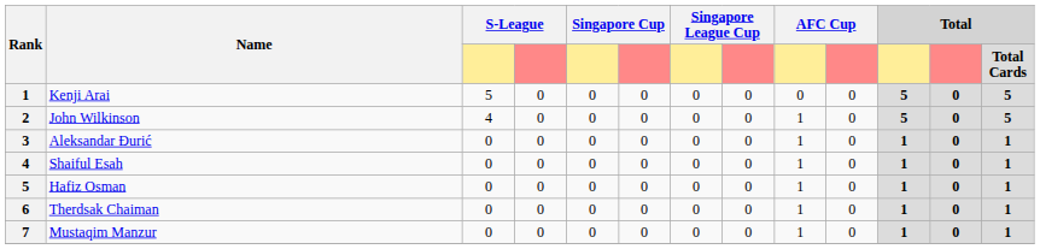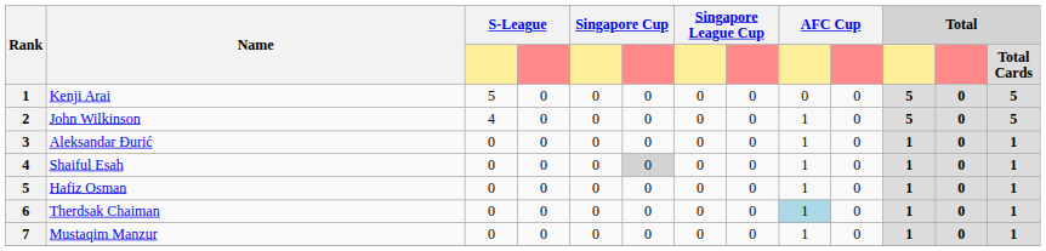 <table class="wikitable" style="text-align: center;" width=90%>
 <tr>
 <th width=3% rowspan="2">Rank</th>
 <th rowspan="2">Name</th>
 <th colspan="2" width="100px"><a href='#'>S-League</a></th>
 <th colspan="2" width="100px"><a href='#'>Singapore Cup</a></th>
 <th colspan="2" width="100px"><a href='#'>Singapore League Cup</a></th>
 <th colspan="2" width="100px"><a href='#'>AFC Cup</a></th>
 <th colspan="3" style="background: #D3D3D3">Total</th>
 </tr>
 <tr>
 <th width="50px" style="background: #FFEE99"></th>
 <th width="50px" style="background: #FF8888"></th>
 <th width="50px" style="background: #FFEE99"></th>
 <th width="50px" style="background: #FF8888"></th>
 <th width="50px" style="background: #FFEE99"></th>
 <th width="50px" style="background: #FF8888"></th>
 <th width="50px" style="background: #FFEE99"></th>
 <th width="50px" style="background: #FF8888"></th>
 <th width="50px" style="background: #FFEE99"></th>
 <th width="50px" style="background: #FF8888"></th>
 <th width="50px" style="background: #DCDCDC">Total Cards</th>
 </tr>
 <tr>
 <th>1</th>
 <td style="text-align:left;"> <a href='#'>Kenji Arai</a></td>
 <td>5 </td>
 <td>0</td>
 <td>0 </td>
 <td>0</td>
 <td>0 </td>
 <td>0</td>
 <td>0 </td>
 <td>0</td>
 <th style="background: #DCDCDC">5 </th>
 <th style="background: #DCDCDC">0 </th>
 <th style="background: #DCDCDC">5 </th>
 </tr>
 <tr>
 <th>2</th>
 <td style="text-align:left;"> <a href='#'>John Wilkinson</a></td>
 <td>4 </td>
 <td>0</td>
 <td>0 </td>
 <td>0</td>
 <td>0 </td>
 <td>0</td>
 <td>1 </td>
 <td>0</td>
 <th style="background: #DCDCDC">5 </th>
 <th style="background: #DCDCDC">0 </th>
 <th style="background: #DCDCDC">5 </th>
 </tr>
 <tr>
 <th>3</th>
 <td style="text-align:left;"> <a href='#'>Aleksandar Đurić</a></td>
 <td>0 </td>
 <td>0</td>
 <td>0 </td>
 <td>0</td>
 <td>0 </td>
 <td>0</td>
 <td>1 </td>
 <td>0</td>
 <th style="background: #DCDCDC">1 </th>
 <th style="background: #DCDCDC">0 </th>
 <th style="background: #DCDCDC">1 </th>
 </tr>
 <tr>
 <th>4</th>
 <td style="text-align:left;"> <a href='#'>Shaiful Esah</a></td>
 <td>0 </td>
 <td>0</td>
 <td>0 </td>
-<td>0</td>
+<td style="background: lightgrey;">0</td>
 <td>0 </td>
 <td>0</td>
 <td>1 </td>
 <td>0</td>
 <th style="background: #DCDCDC">1 </th>
 <th style="background: #DCDCDC">0 </th>
 <th style="background: #DCDCDC">1 </th>
 </tr>
 <tr>
 <th>5</th>
 <td style="text-align:left;"> <a href='#'>Hafiz Osman</a></td>
 <td>0 </td>
 <td>0</td>
 <td>0 </td>
 <td>0</td>
 <td>0 </td>
 <td>0</td>
 <td>1 </td>
 <td>0</td>
 <th style="background: #DCDCDC">1 </th>
 <th style="background: #DCDCDC">0 </th>
 <th style="background: #DCDCDC">1 </th>
 </tr>
 <tr>
 <th>6</th>
 <td style="text-align:left;"> <a href='#'>Therdsak Chaiman</a></td>
 <td>0 </td>
 <td>0</td>
 <td>0 </td>
 <td>0</td>
 <td>0 </td>
 <td>0</td>
-<td>1 </td>
+<td style="background: lightblue;">1 </td>
 <td>0</td>
 <th style="background: #DCDCDC">1 </th>
 <th style="background: #DCDCDC">0 </th>
 <th style="background: #DCDCDC">1 </th>
 </tr>
 <tr>
 <th>7</th>
 <td style="text-align:left;"> <a href='#'>Mustaqim Manzur</a></td>
 <td>0 </td>
 <td>0</td>
 <td>0 </td>
 <td>0</td>
 <td>0 </td>
 <td>0</td>
 <td>1 </td>
 <td>0</td>
 <th style="background: #DCDCDC">1 </th>
 <th style="background: #DCDCDC">0 </th>
 <th style="background: #DCDCDC">1 </th>
 </tr>
 <tr>
 </tr>
 </table>
